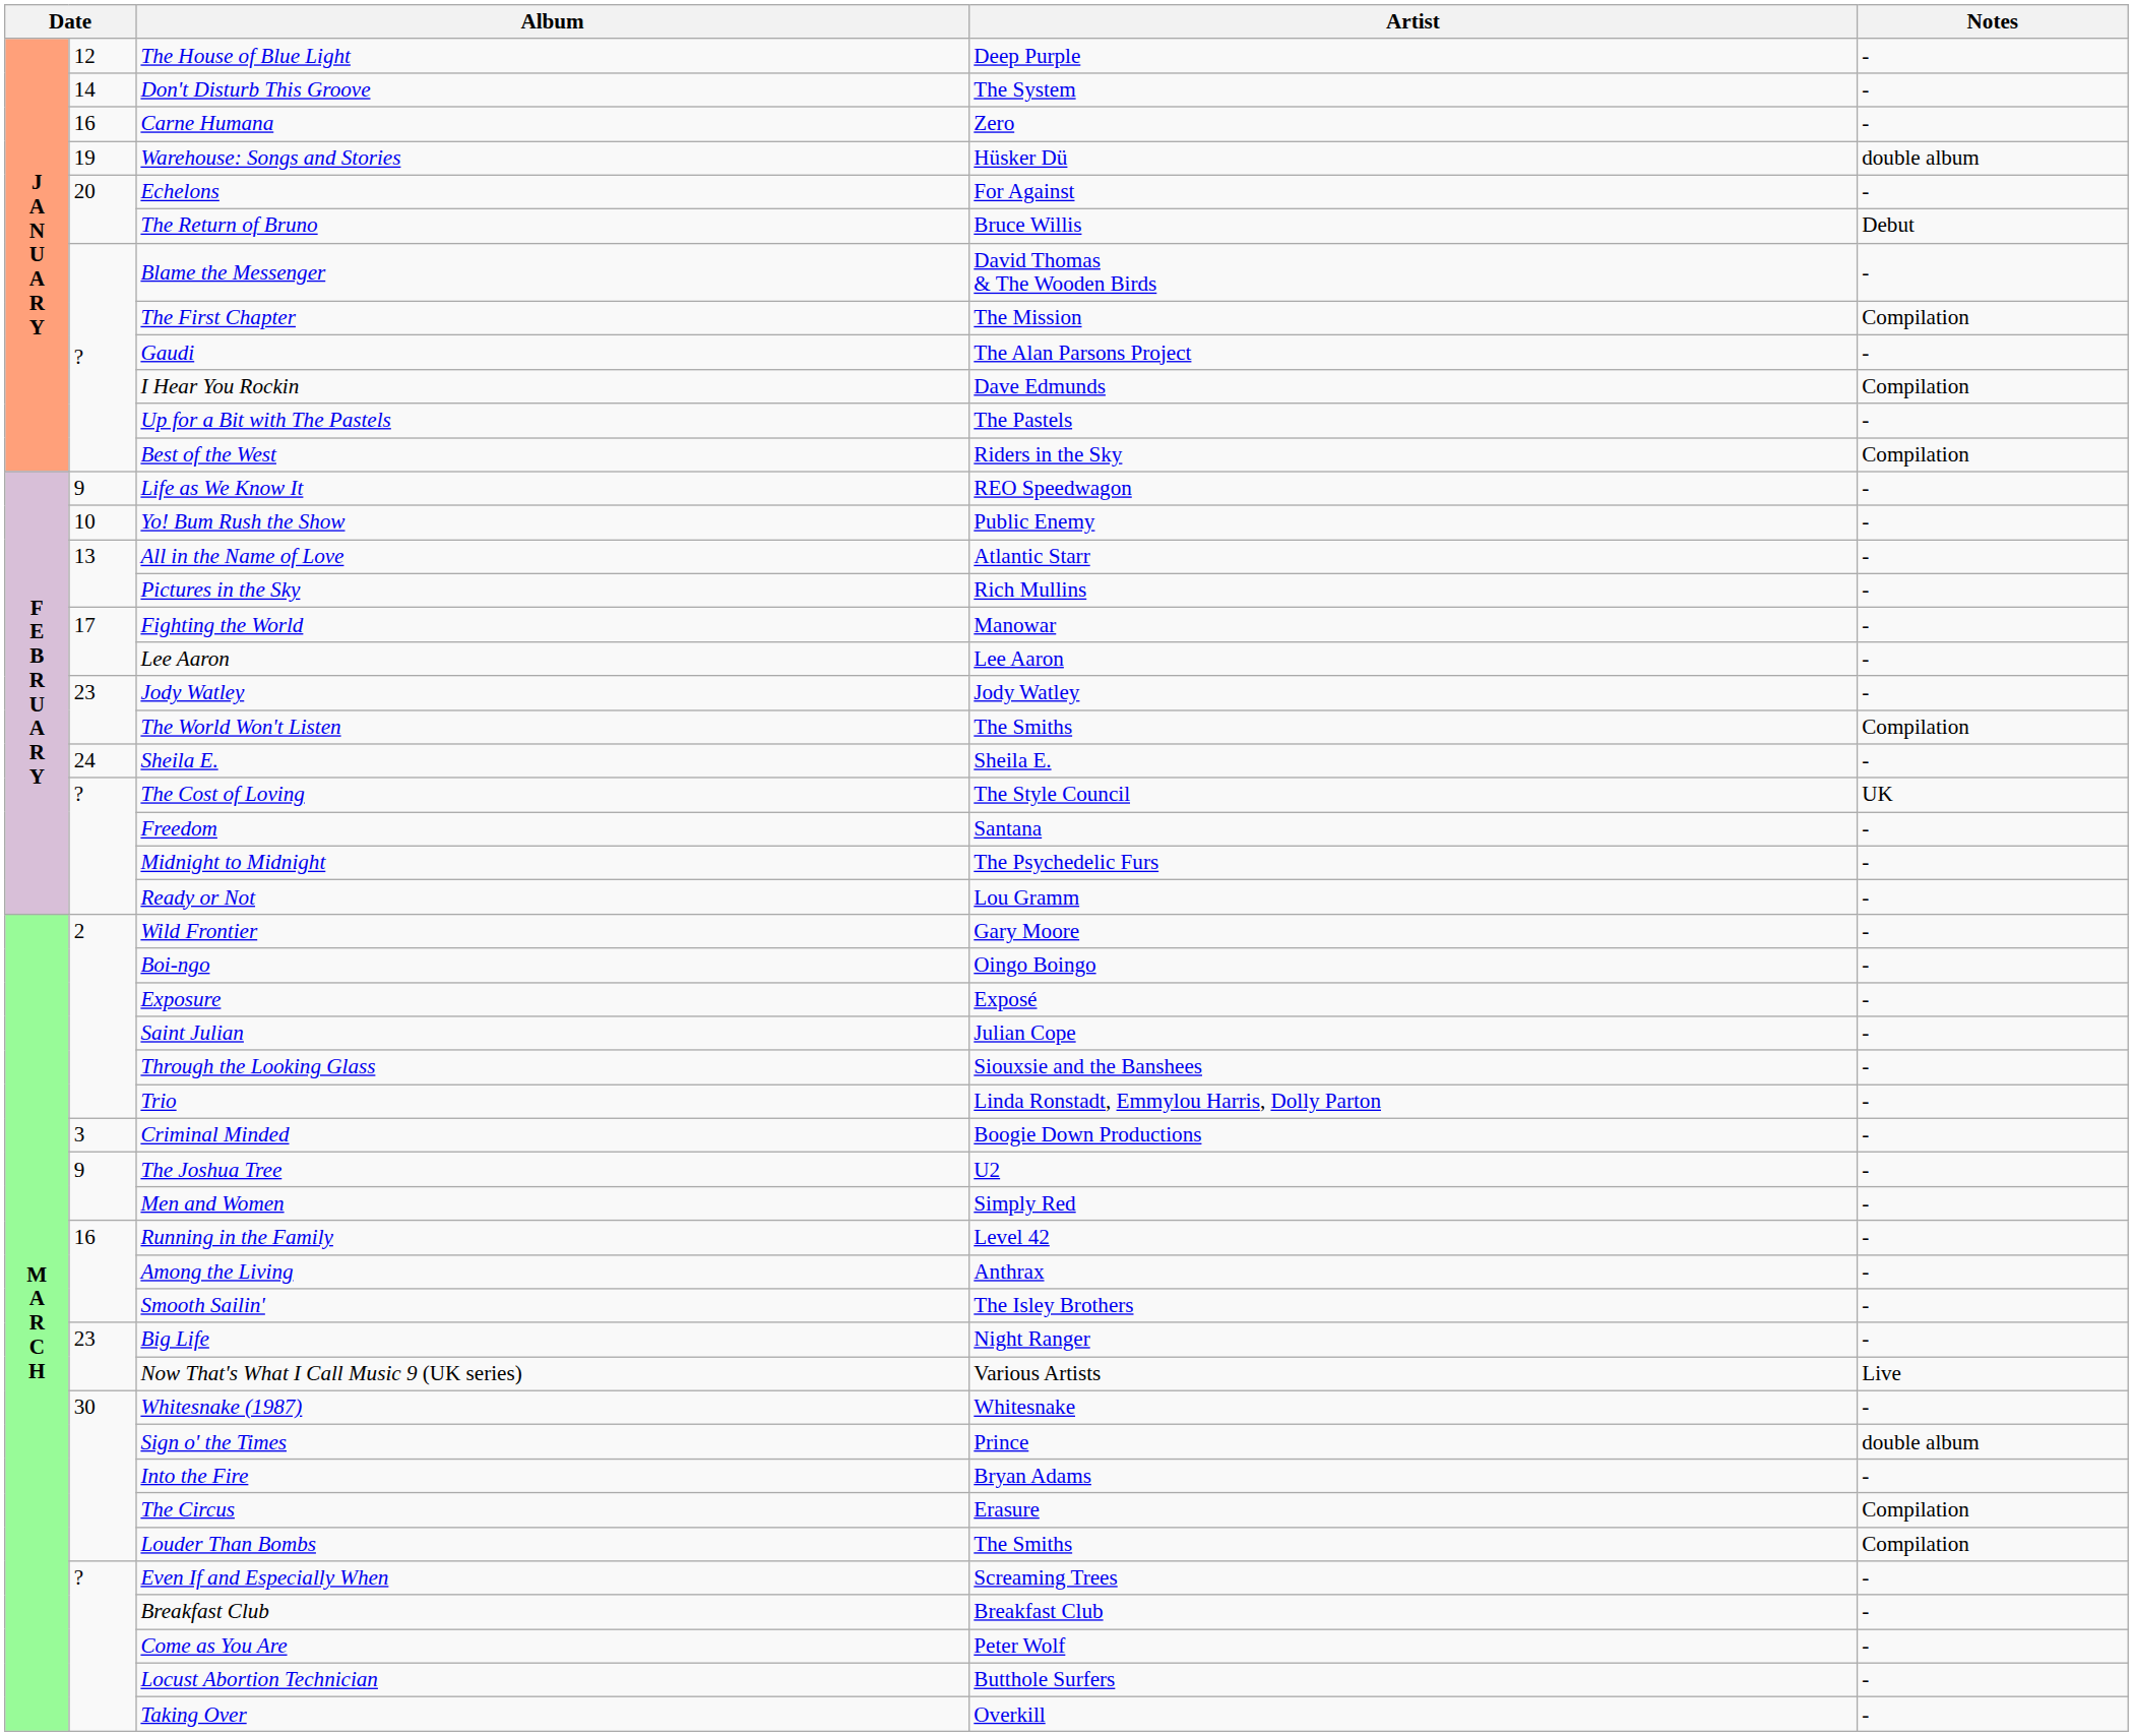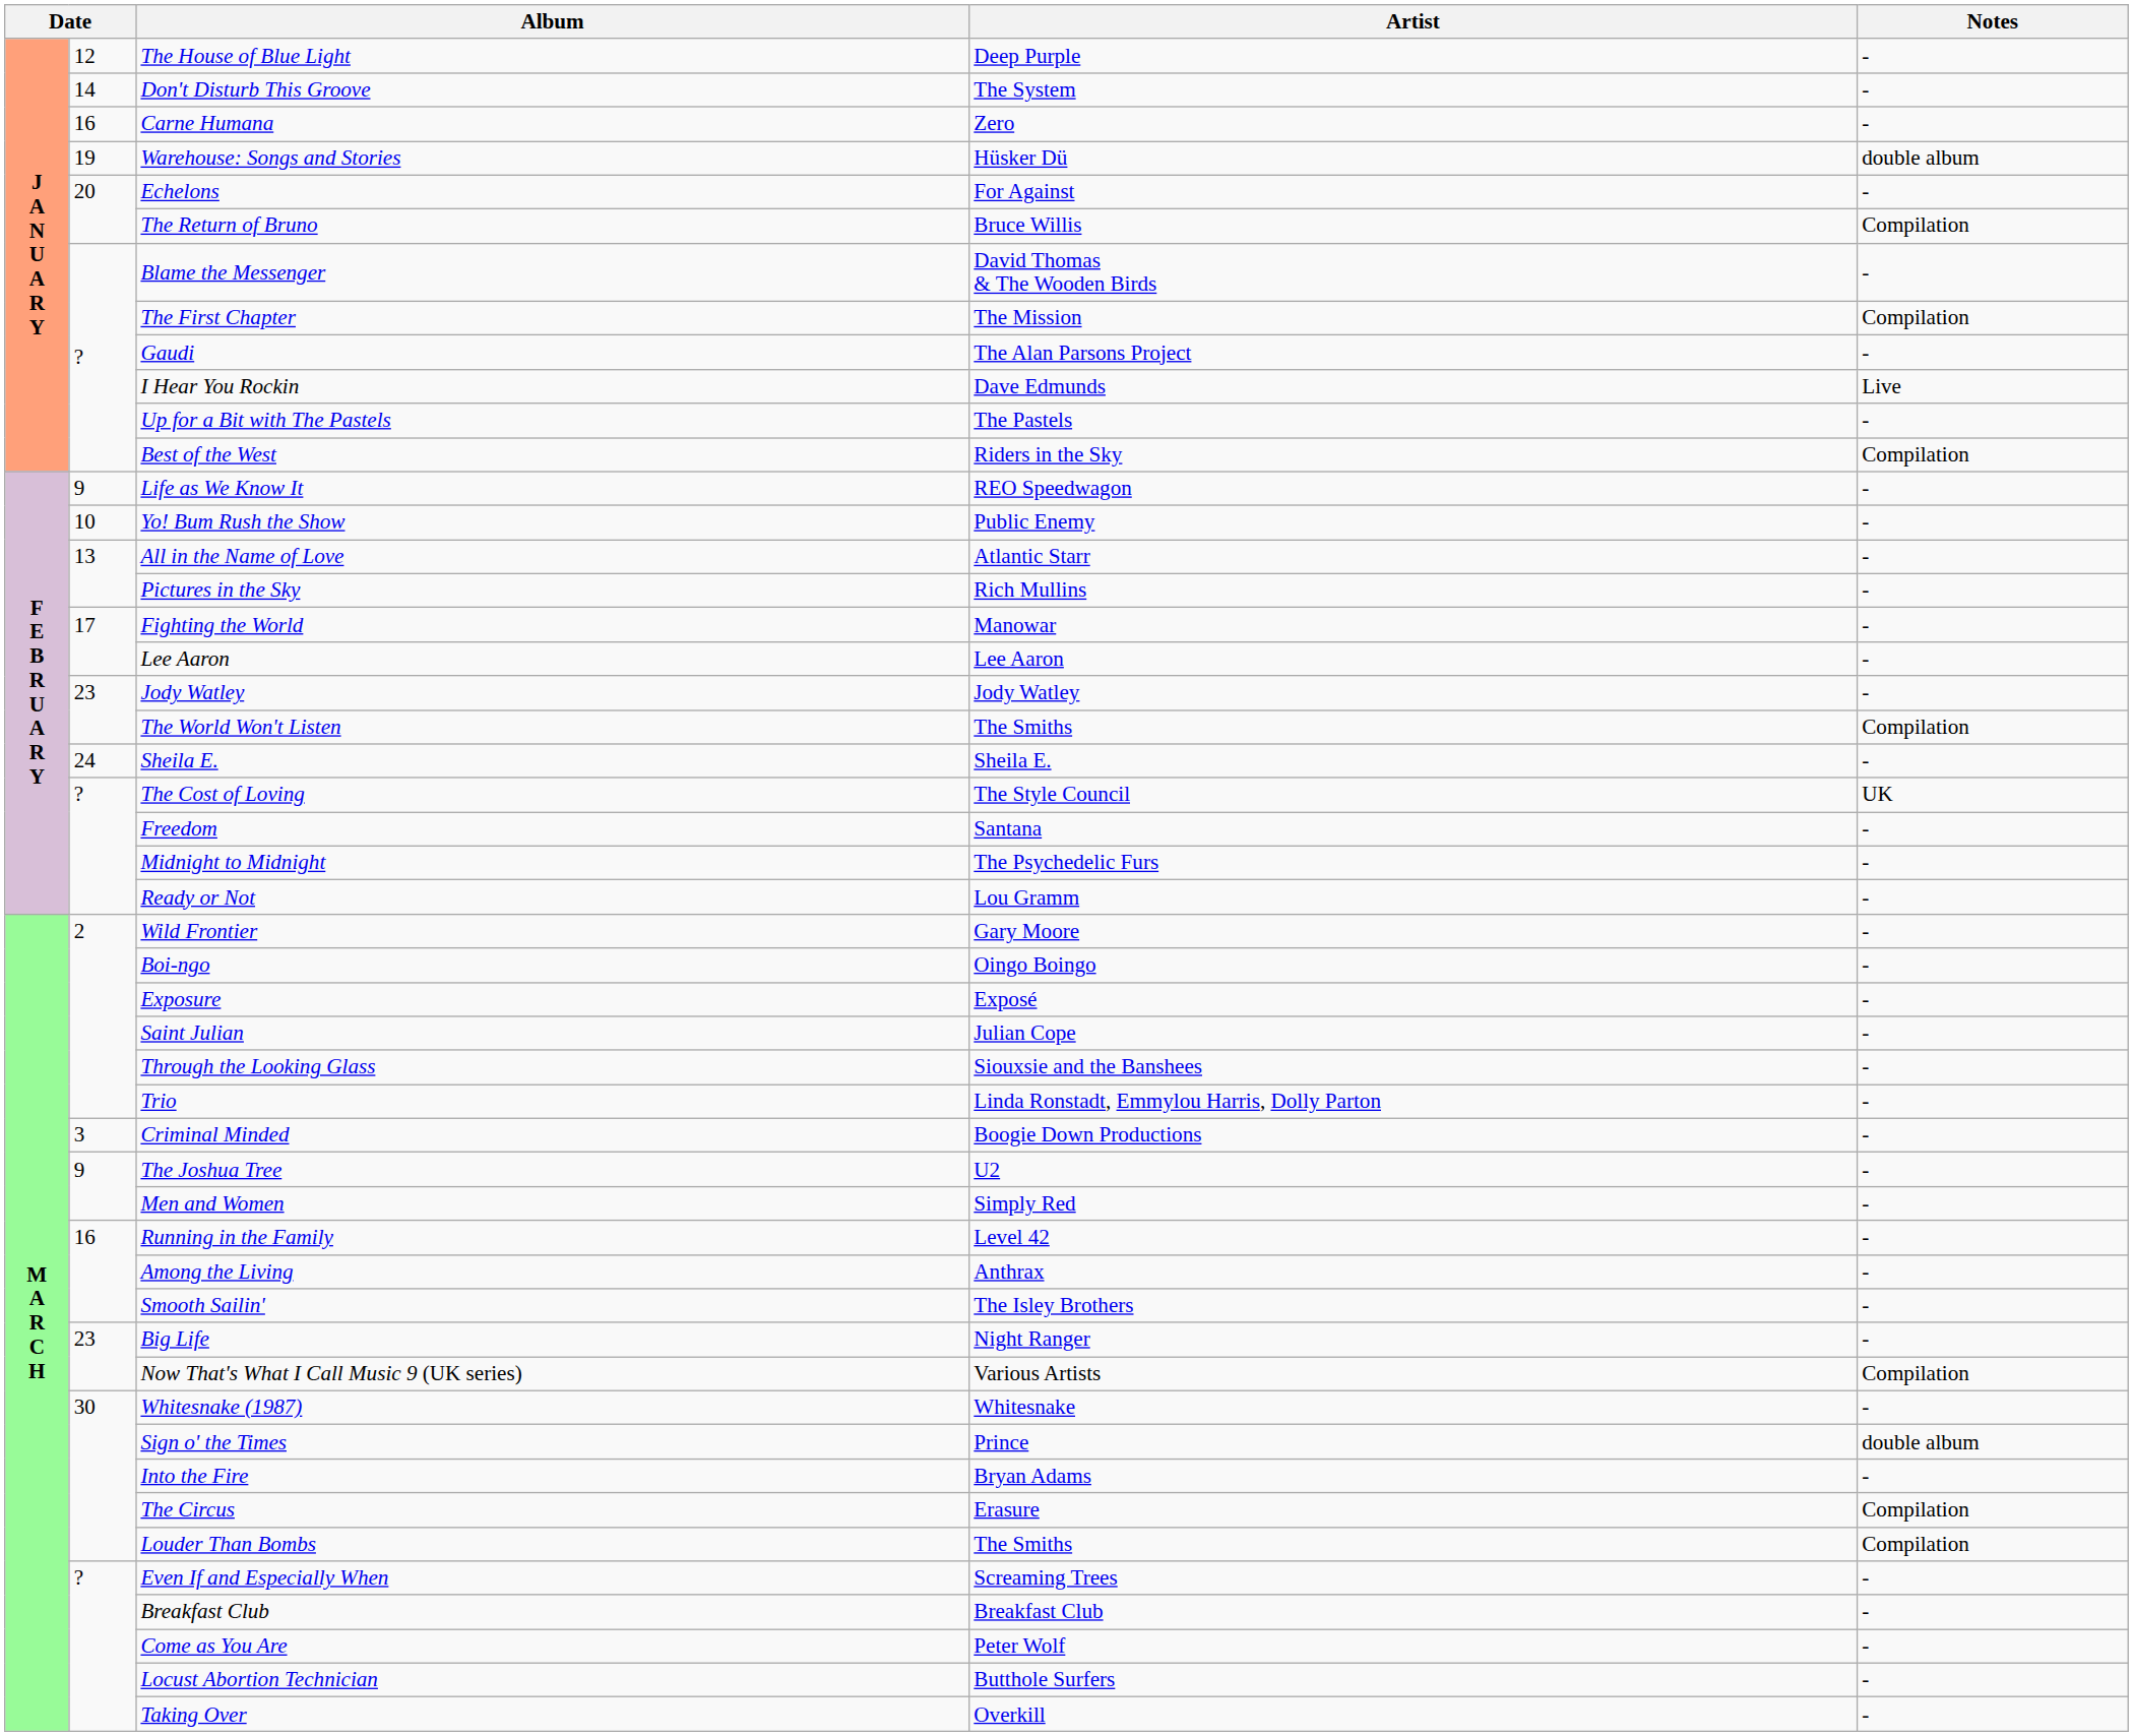 <table class="wikitable" width="100%">
 <tr>
 <th colspan="2">Date</th>
 <th>Album</th>
 <th>Artist</th>
 <th>Notes</th>
 </tr>
 <tr>
 <td rowspan="12" valign="center" align="center" style="background:#FFA07A; textcolor:#000;"><strong>J<br>A<br>N<br>U<br>A<br>R<br>Y</strong></td>
 <td style="vertical-align:top;">12</td>
 <td><em><a href='#'>The House of Blue Light</a></em></td>
 <td><a href='#'>Deep Purple</a></td>
 <td>-</td>
 </tr>
 <tr>
 <td style="vertical-align:top;">14</td>
 <td><em><a href='#'>Don't Disturb This Groove</a></em></td>
 <td><a href='#'>The System</a></td>
 <td>-</td>
 </tr>
 <tr>
 <td rowspan="1" style="vertical-align:top;">16</td>
 <td><em><a href='#'>Carne Humana</a></em></td>
 <td><a href='#'>Zero</a></td>
 <td>-</td>
 </tr>
 <tr>
 <td style="vertical-align:top;">19</td>
 <td><em><a href='#'>Warehouse: Songs and Stories</a></em></td>
 <td><a href='#'>Hüsker Dü</a></td>
 <td>double album</td>
 </tr>
 <tr>
 <td rowspan="2" style="vertical-align:top;">20</td>
 <td><em><a href='#'>Echelons</a></em></td>
 <td><a href='#'>For Against</a></td>
 <td>-</td>
 </tr>
 <tr>
 <td><em><a href='#'>The Return of Bruno</a></em></td>
 <td><a href='#'>Bruce Willis</a></td>
-<td>Debut</td>
+<td>Compilation</td>
 </tr>
 <tr>
 <td rowspan="6">?</td>
 <td><em><a href='#'>Blame the Messenger</a></em></td>
 <td><a href='#'>David Thomas<br>& The Wooden Birds</a></td>
 <td>-</td>
 </tr>
 <tr>
 <td><em><a href='#'>The First Chapter</a></em></td>
 <td><a href='#'>The Mission</a></td>
 <td>Compilation</td>
 </tr>
 <tr>
 <td><em><a href='#'>Gaudi</a></em></td>
 <td><a href='#'>The Alan Parsons Project</a></td>
 <td>-</td>
 </tr>
 <tr>
 <td><em>I Hear You Rockin</em></td>
 <td><a href='#'>Dave Edmunds</a></td>
-<td>Compilation</td>
+<td>Live</td>
 </tr>
 <tr>
 <td><em><a href='#'>Up for a Bit with The Pastels</a></em></td>
 <td><a href='#'>The Pastels</a></td>
 <td>-</td>
 </tr>
 <tr>
 <td><em><a href='#'>Best of the West</a></em></td>
 <td><a href='#'>Riders in the Sky</a></td>
 <td>Compilation</td>
 </tr>
 <tr>
 <td rowspan="13" align="center" valign="center" style="background:#D8BFD8; textcolor:#000;"><strong>F<br>E<br>B<br>R<br>U<br>A<br>R<br>Y</strong></td>
 <td style="vertical-align:top;">9</td>
 <td><em><a href='#'>Life as We Know It</a></em></td>
 <td><a href='#'>REO Speedwagon</a></td>
 <td>-</td>
 </tr>
 <tr>
 <td style="vertical-align:top;">10</td>
 <td><em><a href='#'>Yo! Bum Rush the Show</a></em></td>
 <td><a href='#'>Public Enemy</a></td>
 <td>-</td>
 </tr>
 <tr>
 <td rowspan="2" style="vertical-align:top;">13</td>
 <td><em><a href='#'>All in the Name of Love</a></em></td>
 <td><a href='#'>Atlantic Starr</a></td>
 <td>-</td>
 </tr>
 <tr>
 <td><em><a href='#'>Pictures in the Sky</a></em></td>
 <td><a href='#'>Rich Mullins</a></td>
 <td>-</td>
 </tr>
 <tr>
 <td rowspan="2" style="vertical-align:top;">17</td>
 <td><em><a href='#'>Fighting the World</a></em></td>
 <td><a href='#'>Manowar</a></td>
 <td>-</td>
 </tr>
 <tr>
 <td><em>Lee Aaron</em></td>
 <td><a href='#'>Lee Aaron</a></td>
 <td>-</td>
 </tr>
 <tr>
 <td rowspan="2" style="vertical-align:top;">23</td>
 <td><em><a href='#'>Jody Watley</a></em></td>
 <td><a href='#'>Jody Watley</a></td>
 <td>-</td>
 </tr>
 <tr>
 <td><em><a href='#'>The World Won't Listen</a></em></td>
 <td><a href='#'>The Smiths</a></td>
 <td>Compilation</td>
 </tr>
 <tr>
 <td rowspan="1" style="vertical-align:top;">24</td>
 <td><em><a href='#'>Sheila E.</a></em></td>
 <td><a href='#'>Sheila E.</a></td>
 <td>-</td>
 </tr>
 <tr>
 <td rowspan="4" style="vertical-align:top;">?</td>
 <td><em><a href='#'>The Cost of Loving</a></em></td>
 <td><a href='#'>The Style Council</a></td>
 <td>UK</td>
 </tr>
 <tr>
 <td><em><a href='#'>Freedom</a></em></td>
 <td><a href='#'>Santana</a></td>
 <td>-</td>
 </tr>
 <tr>
 <td><em><a href='#'>Midnight to Midnight</a></em></td>
 <td><a href='#'>The Psychedelic Furs</a></td>
 <td>-</td>
 </tr>
 <tr>
 <td><em><a href='#'>Ready or Not</a></em></td>
 <td><a href='#'>Lou Gramm</a></td>
 <td>-</td>
 </tr>
 <tr>
 <td rowspan="26" valign="center" align="center" style="background:#98FB98; textcolor:#000;"><strong>M<br>A<br>R<br>C<br>H</strong></td>
 <td rowspan="6" style="vertical-align:top;">2</td>
 <td><em><a href='#'>Wild Frontier</a></em></td>
 <td><a href='#'>Gary Moore</a></td>
 <td>-</td>
 </tr>
 <tr>
 <td><em><a href='#'>Boi-ngo</a></em></td>
 <td><a href='#'>Oingo Boingo</a></td>
 <td>-</td>
 </tr>
 <tr>
 <td><em><a href='#'>Exposure</a></em></td>
 <td><a href='#'>Exposé</a></td>
 <td>-</td>
 </tr>
 <tr>
 <td><em><a href='#'>Saint Julian</a></em></td>
 <td><a href='#'>Julian Cope</a></td>
 <td>-</td>
 </tr>
 <tr>
 <td><em><a href='#'>Through the Looking Glass</a></em></td>
 <td><a href='#'>Siouxsie and the Banshees</a></td>
 <td>-</td>
 </tr>
 <tr>
 <td><em><a href='#'>Trio</a></em></td>
 <td><a href='#'>Linda Ronstadt</a>, <a href='#'>Emmylou Harris</a>, <a href='#'>Dolly Parton</a></td>
 <td>-</td>
 </tr>
 <tr>
 <td style="vertical-align:top;">3</td>
 <td><em><a href='#'>Criminal Minded</a></em></td>
 <td><a href='#'>Boogie Down Productions</a></td>
 <td>-</td>
 </tr>
 <tr>
 <td rowspan="2" style="vertical-align:top;">9</td>
 <td><em><a href='#'>The Joshua Tree</a></em></td>
 <td><a href='#'>U2</a></td>
 <td>-</td>
 </tr>
 <tr>
 <td><em><a href='#'>Men and Women</a></em></td>
 <td><a href='#'>Simply Red</a></td>
 <td>-</td>
 </tr>
 <tr>
 <td rowspan="3" style="vertical-align:top;">16</td>
 <td><em><a href='#'>Running in the Family</a></em></td>
 <td><a href='#'>Level 42</a></td>
 <td>-</td>
 </tr>
 <tr>
 <td><em><a href='#'>Among the Living</a></em></td>
 <td><a href='#'>Anthrax</a></td>
 <td>-</td>
 </tr>
 <tr>
 <td><em><a href='#'>Smooth Sailin'</a></em></td>
 <td><a href='#'>The Isley Brothers</a></td>
 <td>-</td>
 </tr>
 <tr>
 <td rowspan="2" style="vertical-align:top;">23</td>
 <td><em><a href='#'>Big Life</a></em></td>
 <td><a href='#'>Night Ranger</a></td>
 <td>-</td>
 </tr>
 <tr>
 <td><em>Now That's What I Call Music 9</em> (UK series)</td>
 <td>Various Artists</td>
-<td>Live</td>
+<td>Compilation</td>
 </tr>
 <tr>
 <td rowspan="5" style="vertical-align:top;">30</td>
 <td><em><a href='#'>Whitesnake (1987)</a></em></td>
 <td><a href='#'>Whitesnake</a></td>
 <td>-</td>
 </tr>
 <tr>
 <td><em><a href='#'>Sign o' the Times</a></em></td>
 <td><a href='#'>Prince</a></td>
 <td>double album</td>
 </tr>
 <tr>
 <td><em><a href='#'>Into the Fire</a></em></td>
 <td><a href='#'>Bryan Adams</a></td>
 <td>-</td>
 </tr>
 <tr>
 <td><em><a href='#'>The Circus</a></em></td>
 <td><a href='#'>Erasure</a></td>
 <td>Compilation</td>
 </tr>
 <tr>
 <td><em><a href='#'>Louder Than Bombs</a></em></td>
 <td><a href='#'>The Smiths</a></td>
 <td>Compilation</td>
 </tr>
 <tr>
 <td rowspan="5" style="vertical-align:top;">?</td>
 <td><em><a href='#'>Even If and Especially When</a></em></td>
 <td><a href='#'>Screaming Trees</a></td>
 <td>-</td>
 </tr>
 <tr>
 <td><em>Breakfast Club</em></td>
 <td><a href='#'>Breakfast Club</a></td>
 <td>-</td>
 </tr>
 <tr>
 <td><em><a href='#'>Come as You Are</a></em></td>
 <td><a href='#'>Peter Wolf</a></td>
 <td>-</td>
 </tr>
 <tr>
 <td><em><a href='#'>Locust Abortion Technician</a></em></td>
 <td><a href='#'>Butthole Surfers</a></td>
 <td>-</td>
 </tr>
 <tr>
 <td><em><a href='#'>Taking Over</a></em></td>
 <td><a href='#'>Overkill</a></td>
 <td>-</td>
 </tr>
 <tr>
 </tr>
 </table>
